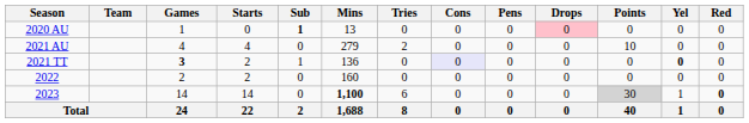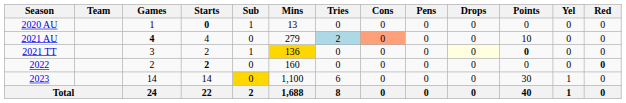 <table class="wikitable" style="text-align:center; line-height:90%; font-size:95%; width:60%;">
 <tr>
 <th>Season</th>
 <th>Team</th>
 <th>Games</th>
 <th>Starts</th>
 <th>Sub</th>
 <th>Mins</th>
 <th>Tries</th>
 <th>Cons</th>
 <th>Pens</th>
 <th>Drops</th>
 <th>Points</th>
 <th>Yel</th>
 <th>Red</th>
 </tr>
 <tr>
 <td><a href='#'>2020 AU</a></td>
 <td></td>
 <td>1</td>
-<td>0</td>
-<td><strong>1</strong></td>
+<td><strong>0</strong></td>
+<td>1</td>
 <td>13</td>
 <td>0</td>
 <td>0</td>
 <td>0</td>
-<td style="background: pink;">0</td>
+<td>0</td>
 <td>0</td>
 <td>0</td>
 <td>0</td>
 </tr>
 <tr>
 <td><a href='#'>2021 AU</a></td>
 <td></td>
-<td>4</td>
+<td><strong>4</strong></td>
 <td>4</td>
 <td>0</td>
 <td>279</td>
-<td>2</td>
-<td>0</td>
+<td style="background: lightblue;">2</td>
+<td style="background: lightsalmon;">0</td>
 <td>0</td>
 <td>0</td>
 <td>10</td>
 <td>0</td>
 <td>0</td>
 </tr>
 <tr>
 <td><a href='#'>2021 TT</a></td>
 <td></td>
-<td><strong>3</strong></td>
+<td>3</td>
 <td>2</td>
 <td>1</td>
-<td>136</td>
-<td>0</td>
-<td style="background: lavender;">0</td>
+<td style="background: gold;">136</td>
 <td>0</td>
 <td>0</td>
 <td>0</td>
+<td style="background: lightyellow;">0</td>
 <td><strong>0</strong></td>
+<td>0</td>
 <td>0</td>
 </tr>
 <tr>
 <td><a href='#'>2022</a></td>
 <td></td>
 <td>2</td>
-<td>2</td>
+<td><strong>2</strong></td>
 <td>0</td>
 <td>160</td>
 <td>0</td>
 <td>0</td>
 <td>0</td>
 <td>0</td>
 <td>0</td>
 <td>0</td>
-<td>0</td>
+<td><strong>0</strong></td>
 </tr>
 <tr>
 <td><a href='#'>2023</a></td>
 <td></td>
 <td>14</td>
 <td>14</td>
-<td>0</td>
-<td><strong>1,100</strong></td>
+<td style="background: gold;">0</td>
+<td>1,100</td>
 <td>6</td>
 <td>0</td>
 <td>0</td>
 <td>0</td>
-<td style="background: lightgrey;">30</td>
+<td>30</td>
 <td>1</td>
-<td><strong>0</strong></td>
+<td>0</td>
 </tr>
 <tr>
 <th colspan="2">Total</th>
 <th>24</th>
 <th>22</th>
 <th>2</th>
 <th>1,688</th>
 <th>8</th>
 <th>0</th>
 <th>0</th>
 <th>0</th>
 <th>40</th>
 <th>1</th>
 <th>0</th>
 </tr>
 </table>
